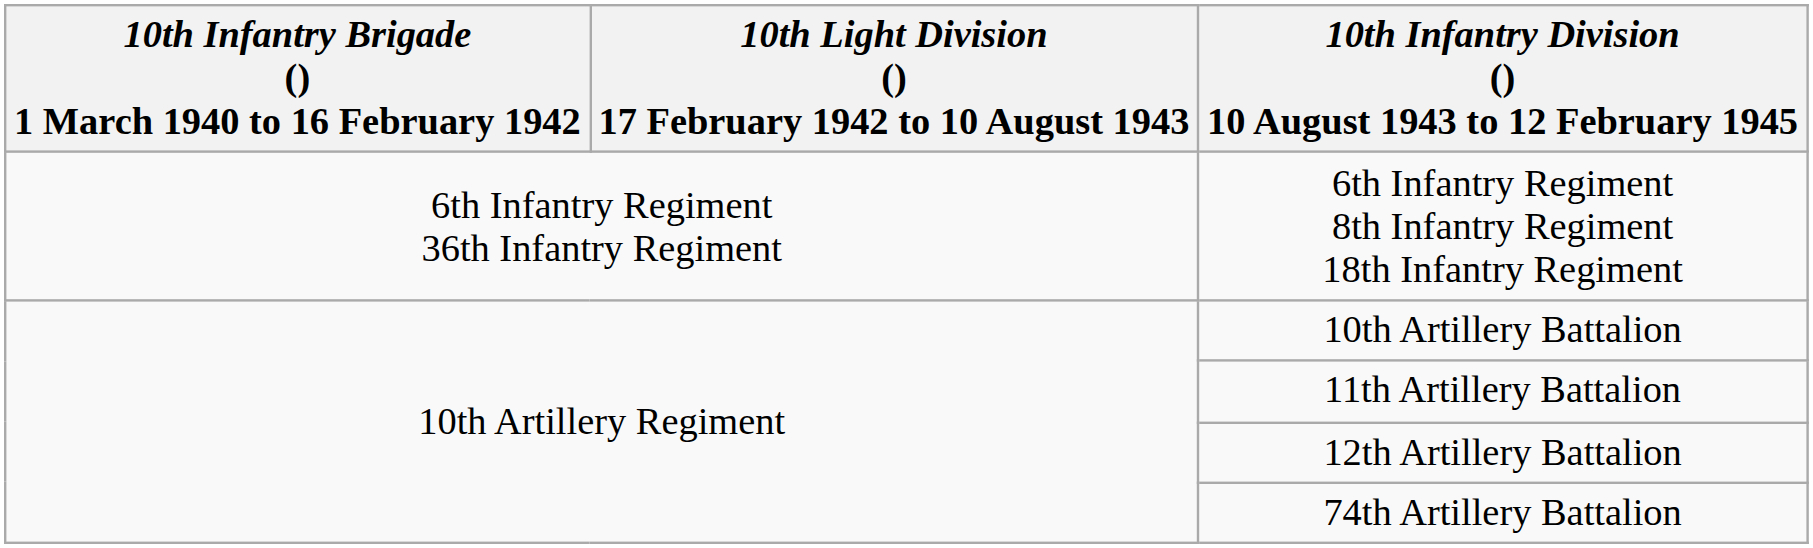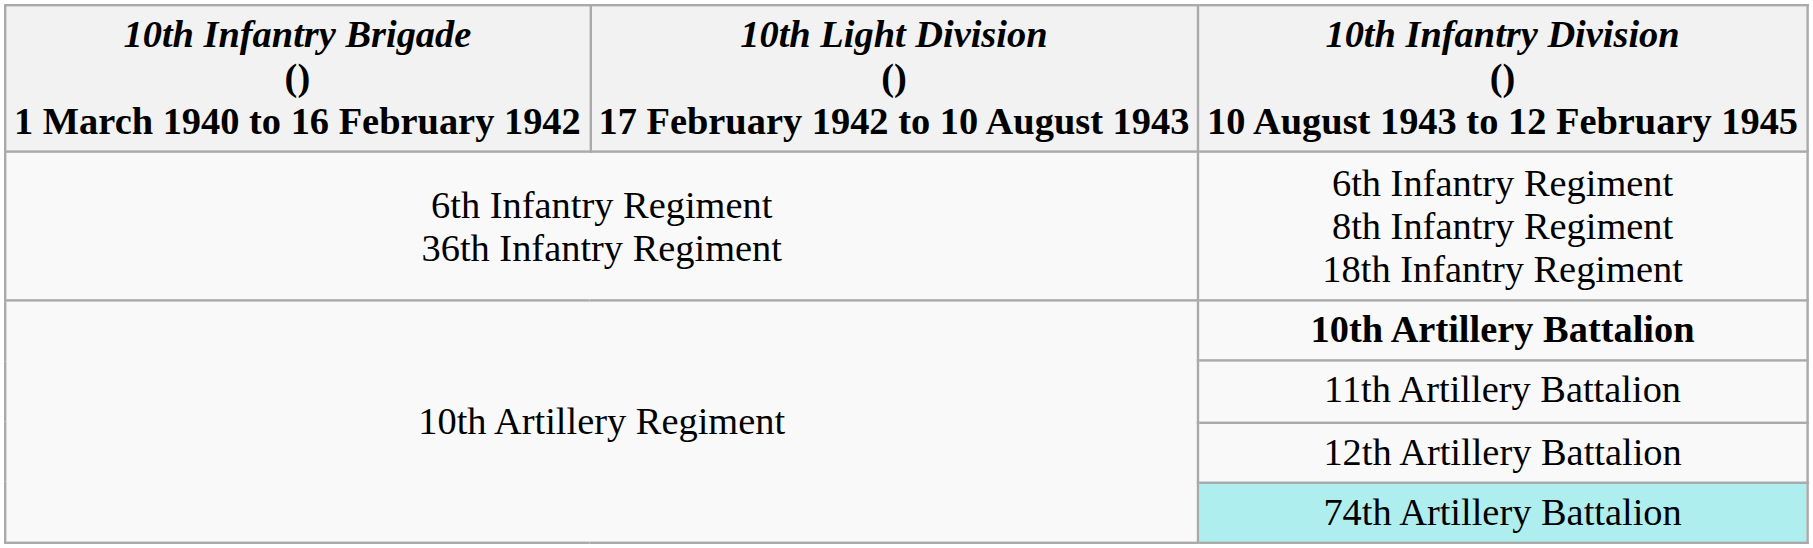 <table class="wikitable" style="text-align:center">
 <tr>
 <th width=""><em>10th Infantry Brigade</em><br>()<br>1 March 1940 to 16 February 1942</th>
 <th><em>10th Light Division</em><br>()<br>17 February 1942 to 10 August 1943<em></em></th>
 <th><em>10th Infantry Division</em><br>()<br>10 August 1943 to 12 February 1945<em></em></th>
 </tr>
 <tr>
 <td colspan="2">6th Infantry Regiment<br>36th Infantry Regiment</td>
 <td>6th Infantry Regiment<br>8th Infantry Regiment<br>18th Infantry Regiment</td>
 </tr>
 <tr>
 <td colspan="2" rowspan="4">10th Artillery Regiment</td>
-<td>10th Artillery Battalion</td>
+<td><strong>10th Artillery Battalion</strong></td>
 </tr>
 <tr>
 <td>11th Artillery Battalion</td>
 </tr>
 <tr>
 <td>12th Artillery Battalion</td>
 </tr>
 <tr>
-<td>74th Artillery Battalion</td>
+<td style="background: paleturquoise;">74th Artillery Battalion</td>
 </tr>
 </table>
